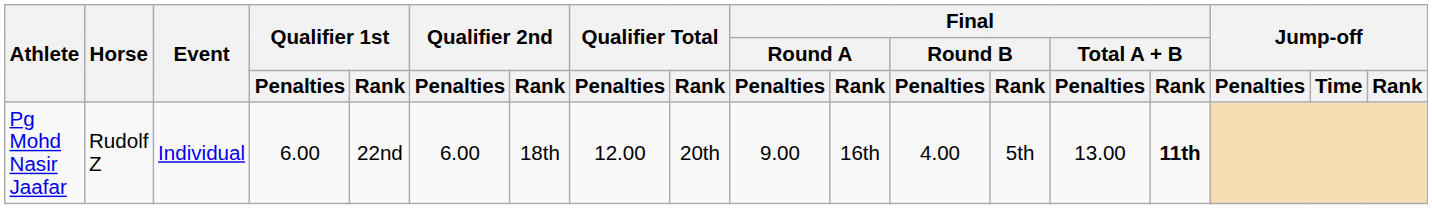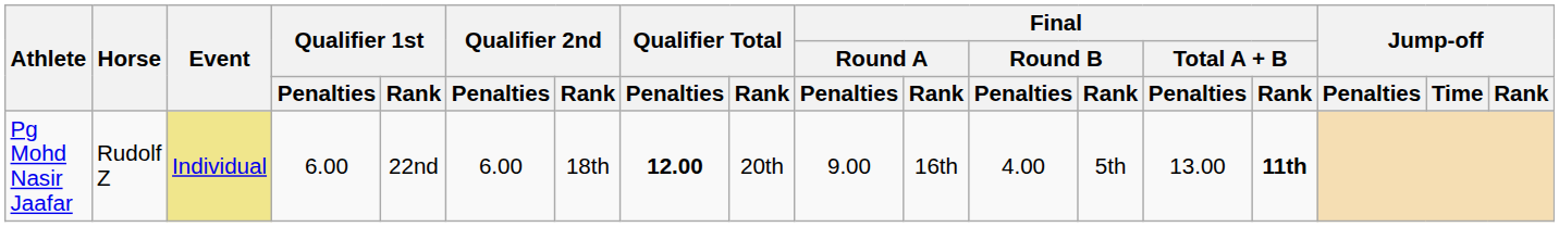 <table class=wikitable style="font-size:90%">
 <tr>
 <th rowspan="3">Athlete</th>
 <th rowspan="3">Horse</th>
 <th rowspan="3">Event</th>
 <th colspan="2" rowspan="2">Qualifier 1st</th>
 <th colspan="2" rowspan="2">Qualifier 2nd</th>
 <th colspan="2" rowspan="2">Qualifier Total</th>
 <th colspan="6">Final</th>
 <th colspan="3" rowspan="2">Jump-off</th>
 </tr>
 <tr>
 <th colspan="2">Round A</th>
 <th colspan="2">Round B</th>
 <th colspan="2">Total A + B</th>
 </tr>
 <tr>
 <th>Penalties</th>
 <th>Rank</th>
 <th>Penalties</th>
 <th>Rank</th>
 <th>Penalties</th>
 <th>Rank</th>
 <th>Penalties</th>
 <th>Rank</th>
 <th>Penalties</th>
 <th>Rank</th>
 <th>Penalties</th>
 <th>Rank</th>
 <th>Penalties</th>
 <th>Time</th>
 <th>Rank</th>
 </tr>
 <tr>
 <td><a href='#'>Pg Mohd Nasir Jaafar</a></td>
 <td>Rudolf Z</td>
-<td><a href='#'>Individual</a></td>
+<td style="background: khaki;"><a href='#'>Individual</a></td>
 <td align="center">6.00</td>
 <td align="center">22nd</td>
 <td align="center">6.00</td>
 <td align="center">18th</td>
-<td align="center">12.00</td>
+<td align="center"><strong>12.00</strong></td>
 <td align="center">20th</td>
 <td align="center">9.00</td>
 <td align="center">16th</td>
 <td align="center">4.00</td>
 <td align="center">5th</td>
 <td align="center">13.00</td>
 <td align="center"><strong>11th</strong></td>
 <td colspan="3" bgcolor="wheat"></td>
 </tr>
 </table>
